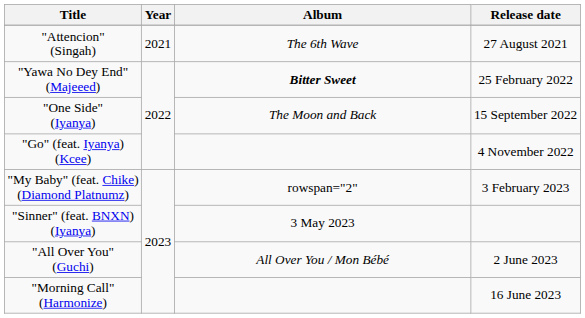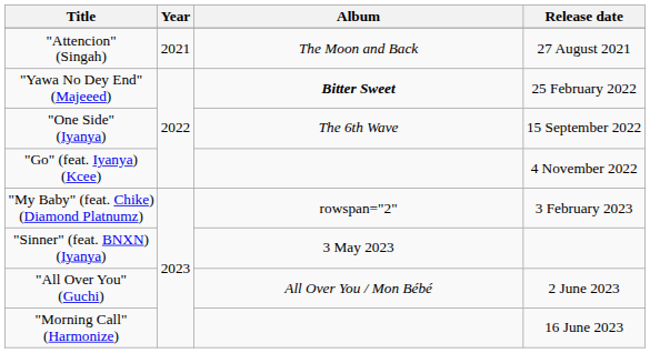 <table class="wikitable plainrowheaders" style="text-align:center;" border="1">
 <tr>
 <th>Title</th>
 <th>Year</th>
 <th width="350">Album</th>
 <th>Release date</th>
 </tr>
 <tr>
 </tr>
 <tr>
 <td>"Attencion" <br><span>(Singah)</span></td>
 <td rowspan="1">2021</td>
-<td><em>The 6th Wave</em></td>
+<td><em>The Moon and Back</em></td>
 <td>27 August 2021</td>
 </tr>
 <tr>
 <td>"Yawa No Dey End" <br><span>(<a href='#'>Majeeed</a>)</span></td>
 <td rowspan="3">2022</td>
 <td><strong><em>Bitter Sweet</em></strong></td>
 <td>25 February 2022</td>
 </tr>
 <tr>
 <td>"One Side" <br><span>(<a href='#'>Iyanya</a>)</span></td>
-<td><em>The Moon and Back</em></td>
+<td><em>The 6th Wave</em></td>
 <td>15 September 2022</td>
 </tr>
 <tr>
 <td>"Go" (feat. <a href='#'>Iyanya</a>) <br><span>(<a href='#'>Kcee</a>)</span></td>
 <td></td>
 <td>4 November 2022</td>
 </tr>
 <tr>
 <td>"My Baby" (feat. <a href='#'>Chike</a>) <br><span>(<a href='#'>Diamond Platnumz</a>)</span></td>
 <td rowspan="4">2023</td>
 <td>rowspan="2"</td>
 <td>3 February 2023</td>
 </tr>
 <tr>
 <td>"Sinner" (feat. <a href='#'>BNXN</a>) <br><span>(<a href='#'>Iyanya</a>)</span></td>
 <td>3 May 2023</td>
 </tr>
 <tr>
 <td>"All Over You" <br><span>(<a href='#'>Guchi</a>)</span></td>
 <td><em>All Over You / Mon Bébé</em></td>
 <td>2 June 2023</td>
 </tr>
 <tr>
 <td>"Morning Call" <br><span>(<a href='#'>Harmonize</a>)</span></td>
 <td></td>
 <td>16 June 2023</td>
 </tr>
 </table>
